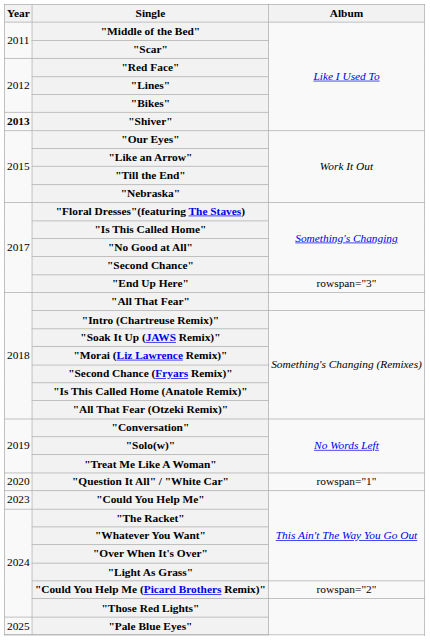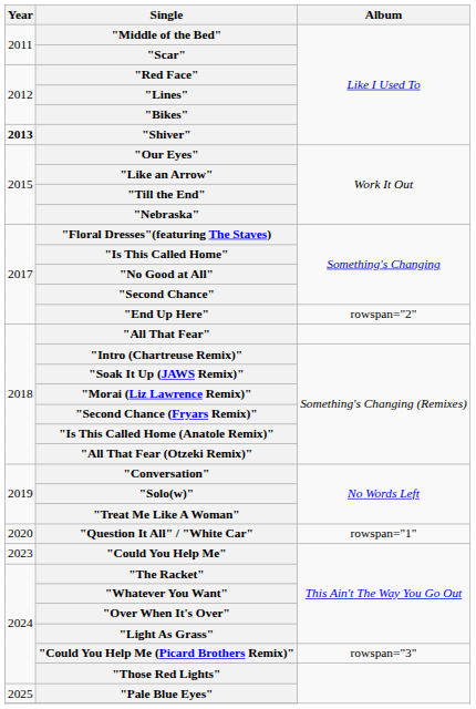 <table class="wikitable plainrowheaders" style="text-align:center;">
 <tr>
 <th scope="col">Year</th>
 <th scope="col">Single</th>
 <th scope="col">Album</th>
 </tr>
 <tr>
 <td rowspan="2">2011</td>
 <th scope="row">"Middle of the Bed"</th>
 <td rowspan="6"><em><a href='#'> Like I Used To</a></em></td>
 </tr>
 <tr>
 <th scope="row">"Scar"</th>
 </tr>
 <tr>
 <td rowspan="3">2012</td>
 <th scope="row">"Red Face"</th>
 </tr>
 <tr>
 <th scope="row">"Lines"</th>
 </tr>
 <tr>
 <th scope="row">"Bikes"</th>
 </tr>
 <tr>
 <td><strong>2013</strong></td>
 <th scope="row">"Shiver"</th>
 </tr>
 <tr>
 <td rowspan="4">2015</td>
 <th scope="row">"Our Eyes"</th>
 <td rowspan="4"><em>Work It Out</em></td>
 </tr>
 <tr>
 <th scope="row">"Like an Arrow"</th>
 </tr>
 <tr>
 <th scope="row">"Till the End"</th>
 </tr>
 <tr>
 <th scope="row">"Nebraska"</th>
 </tr>
 <tr>
 <td rowspan="5">2017</td>
 <th scope="row">"Floral Dresses"<span>(featuring <a href='#'>The Staves</a>)</span></th>
 <td rowspan="4"><em><a href='#'>Something's Changing</a></em></td>
 </tr>
 <tr>
 <th scope="row">"Is This Called Home"</th>
 </tr>
 <tr>
 <th scope="row">"No Good at All"</th>
 </tr>
 <tr>
 <th scope="row">"Second Chance"</th>
 </tr>
 <tr>
 <th scope="row">"End Up Here"</th>
-<td>rowspan="3" </td>
+<td>rowspan="2" </td>
 </tr>
 <tr>
 <td rowspan="7">2018</td>
 <th scope="row">"All That Fear"</th>
 </tr>
 <tr>
 <th scope="row">"Intro (Chartreuse Remix)"</th>
 <td rowspan="6"><em>Something's Changing (Remixes)</em></td>
 </tr>
 <tr>
 <th scope="row">"Soak It Up (<a href='#'>JAWS</a> Remix)"</th>
 </tr>
 <tr>
 <th scope="row">"Morai (<a href='#'>Liz Lawrence</a> Remix)"</th>
 </tr>
 <tr>
 <th scope="row">"Second Chance (<a href='#'>Fryars</a> Remix)"</th>
 </tr>
 <tr>
 <th scope="row">"Is This Called Home (Anatole Remix)"</th>
 </tr>
 <tr>
 <th scope="row">"All That Fear (Otzeki Remix)"</th>
 </tr>
 <tr>
 <td rowspan="3">2019</td>
 <th scope="row">"Conversation"</th>
 <td rowspan="3"><em><a href='#'>No Words Left</a></em></td>
 </tr>
 <tr>
 <th scope="row">"Solo(w)"</th>
 </tr>
 <tr>
 <th scope="row">"Treat Me Like A Woman"</th>
 </tr>
 <tr>
 <td rowspan="1">2020</td>
 <th scope="row">"Question It All" / "White Car"</th>
 <td>rowspan="1" </td>
 </tr>
 <tr>
 <td rowspan="1">2023</td>
 <th scope="row">"Could You Help Me"</th>
 <td rowspan="5"><em><a href='#'>This Ain't The Way You Go Out</a></em></td>
 </tr>
 <tr>
 <td rowspan="6">2024</td>
 <th scope="row">"The Racket"</th>
 </tr>
 <tr>
 <th scope="row">"Whatever You Want"</th>
 </tr>
 <tr>
 <th scope="row">"Over When It's Over"</th>
 </tr>
 <tr>
 <th scope="row">"Light As Grass"</th>
 </tr>
 <tr>
 <th scope="row">"Could You Help Me (<a href='#'>Picard Brothers</a> Remix)"</th>
-<td>rowspan="2" </td>
+<td>rowspan="3" </td>
 </tr>
 <tr>
 <th scope="row">"Those Red Lights"</th>
 </tr>
 <tr>
 <td rowslan="1">2025</td>
 <th scope="row">"Pale Blue Eyes"</th>
 </tr>
 <tr>
 </tr>
 </table>
